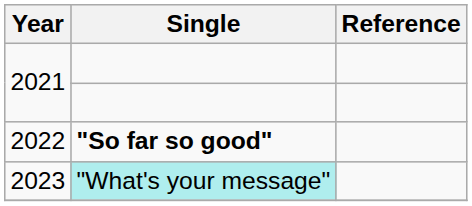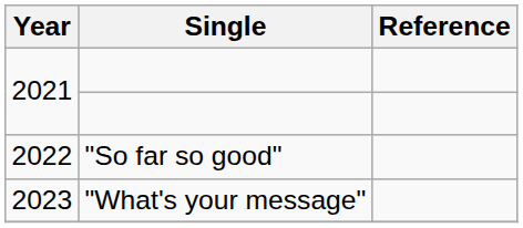 <table class="wikitable plainrowheaders" style="text-align:center;">
 <tr>
 <th scope="col">Year</th>
 <th scope="col">Single</th>
 <th scope="col">Reference</th>
 </tr>
 <tr>
 <td rowspan="2">2021</td>
 <td style="text-align:left;"><br></td>
 <td></td>
 </tr>
 <tr>
 <td style="text-align:left;"><br></td>
 <td></td>
 </tr>
 <tr>
 <td>2022</td>
-<td style="text-align:left;"><strong>"So far so good"<br></strong></td>
+<td style="text-align:left;">"So far so good"<br></td>
 <td></td>
 </tr>
 <tr>
 <td>2023</td>
-<td style="background: paleturquoise; text-align:left;">"What's your message"<br></td>
+<td style="text-align:left;">"What's your message"<br></td>
 <td></td>
 </tr>
 <tr>
 </tr>
 </table>
